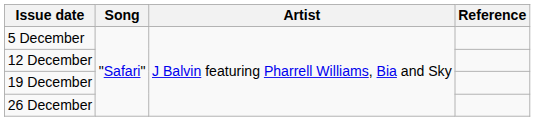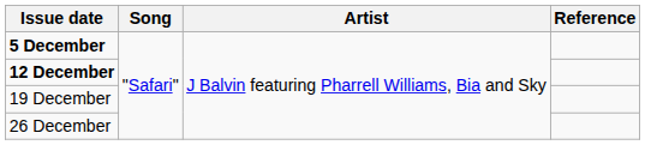 <table class="wikitable">
 <tr>
 <th>Issue date</th>
 <th>Song</th>
 <th>Artist</th>
 <th>Reference</th>
 </tr>
 <tr>
-<td>5 December</td>
+<td><strong>5 December</strong></td>
 <td align="center" rowspan="4">"<a href='#'>Safari</a>"</td>
 <td align="center" rowspan="4"><a href='#'>J Balvin</a> featuring <a href='#'>Pharrell Williams</a>, <a href='#'>Bia</a> and Sky</td>
 <td align="center"></td>
 </tr>
 <tr>
-<td>12 December</td>
+<td><strong>12 December</strong></td>
 <td align="center"></td>
 </tr>
 <tr>
 <td>19 December</td>
 <td align="center"></td>
 </tr>
 <tr>
 <td>26 December</td>
 <td align="center"></td>
 </tr>
 </table>
